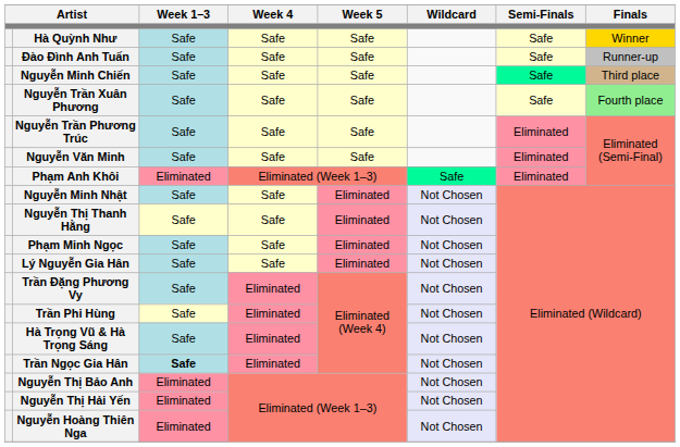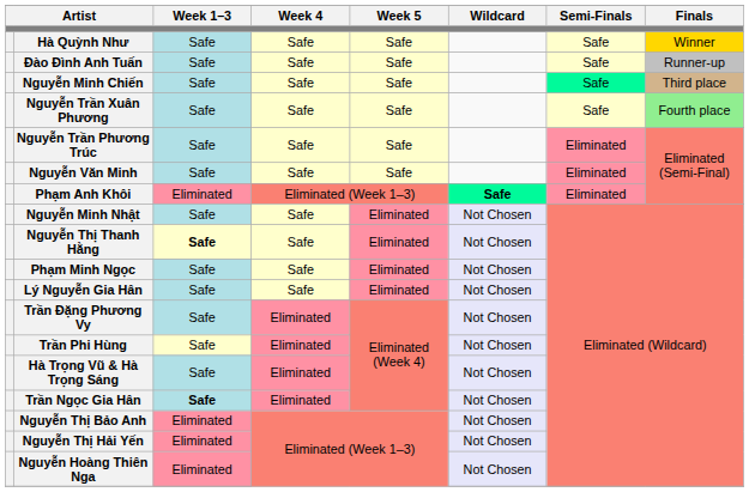 <table class="wikitable"  style="text-align:center; font-size:95%; width:auto;">
 <tr>
 </tr>
 <tr>
 <th style="width:18%;" colspan="2">Artist</th>
 <th style="width:12%;">Week 1–3</th>
 <th style="width:12%;">Week 4</th>
 <th style="width:12%;">Week 5</th>
 <th style="width:12%;">Wildcard</th>
 <th style="width:12%;">Semi-Finals</th>
 <th style="width:12%;">Finals</th>
 </tr>
 <tr>
 <th colspan="9" style="background:gray;"></th>
 </tr>
 <tr>
 <th style="width:1%;" style="background:#fffa73;"></th>
 <th style="width:14%;">Hà Quỳnh Như</th>
 <td style="background:#B0E0E6;">Safe</td>
 <td style="background:#FFFFCC;">Safe</td>
 <td style="background:#FFFFCC;">Safe</td>
 <td></td>
 <td style="background:#FFFFCC;">Safe</td>
 <td style="background:gold;">Winner</td>
 </tr>
 <tr>
 <th style="width:1%;" style="background:#FEE7D0;"></th>
 <th style="width:17%;">Đào Đình Anh Tuấn</th>
 <td style="background:#B0E0E6;">Safe</td>
 <td style="background:#FFFFCC;">Safe</td>
 <td style="background:#FFFFCC;">Safe</td>
 <td></td>
 <td style="background:#FFFFCC;">Safe</td>
 <td style="background:silver;">Runner-up</td>
 </tr>
 <tr>
 <th style="width:1%;" style="background:#ED872D;"></th>
 <th style="width:14%;">Nguyễn Minh Chiến</th>
 <td style="background:#B0E0E6;">Safe</td>
 <td style="background:#FFFFCC;">Safe</td>
 <td style="background:#FFFFCC;">Safe</td>
 <td></td>
 <td style="background:#00FA9A;">Safe</td>
 <td style="background:tan;">Third place</td>
 </tr>
 <tr>
 <th style="width:1%;" style="background:#FEE7D0;"></th>
 <th style="width:14%;">Nguyễn Trần Xuân Phương</th>
 <td style="background:#B0E0E6;">Safe</td>
 <td style="background:#FFFFCC;">Safe</td>
 <td style="background:#FFFFCC;">Safe</td>
 <td></td>
 <td style="background:#FFFFCC;">Safe</td>
 <td style="background:lightgreen;">Fourth place</td>
 </tr>
 <tr>
 <th style="width:1%;" style="background:#fffa73;"></th>
 <th style="width:14%;">Nguyễn Trần Phương Trúc</th>
 <td style="background:#B0E0E6;">Safe</td>
 <td style="background:#FFFFCC;">Safe</td>
 <td style="background:#FFFFCC;">Safe</td>
 <td></td>
 <td style="background:#FF91A4;">Eliminated</td>
 <td rowspan="3" style="background:salmon;">Eliminated (Semi-Final)</td>
 </tr>
 <tr>
 <th style="width:1%;" style="background:#ED872D;"></th>
 <th style="width:14%;">Nguyễn Văn Minh</th>
 <td style="background:#B0E0E6;">Safe</td>
 <td style="background:#FFFFCC;">Safe</td>
 <td style="background:#FFFFCC;">Safe</td>
 <td></td>
 <td style="background:#FF91A4;">Eliminated</td>
 </tr>
 <tr>
 <th style="width:1%;" style="background:#ED872D;"></th>
 <th style="width:14%;">Phạm Anh Khôi</th>
 <td style="background:#FF91A4;">Eliminated</td>
 <td style="background:salmon;" colspan="2">Eliminated (Week 1–3)</td>
-<td style="background:#00FA9A;">Safe</td>
+<td style="background:#00FA9A;"><strong>Safe</strong></td>
 <td style="background:#FF91A4;">Eliminated</td>
 </tr>
 <tr>
 <th style="width:1%;" style="background:#FEE7D0;"></th>
 <th style="width:14%;">Nguyễn Minh Nhật</th>
 <td style="background:#B0E0E6;">Safe</td>
 <td style="background:#FFFFCC;">Safe</td>
 <td style="background:#FF91A4;">Eliminated</td>
 <td bgcolor=#E6E6FA>Not Chosen</td>
 <td colspan="2" rowspan="11" style="background:salmon;">Eliminated (Wildcard)</td>
 </tr>
 <tr>
 <th style="width:1%;" style="background:#fffa73;"></th>
 <th style="width:14%;">Nguyễn Thị Thanh Hằng</th>
-<td style="background:#FFFFCC;">Safe</td>
+<td style="background:#FFFFCC;"><strong>Safe</strong></td>
 <td style="background:#FFFFCC;">Safe</td>
 <td style="background:#FF91A4;">Eliminated</td>
 <td bgcolor=#E6E6FA>Not Chosen</td>
 </tr>
 <tr>
 <th style="width:1%;" style="background:#ED872D;"></th>
 <th style="width:14%;">Phạm Minh Ngọc</th>
 <td style="background:#B0E0E6;">Safe</td>
 <td style="background:#FFFFCC;">Safe</td>
 <td style="background:#FF91A4;">Eliminated</td>
 <td bgcolor=#E6E6FA>Not Chosen</td>
 </tr>
 <tr>
 <th style="width:1%;" style="background:#fffa73;"></th>
 <th style="width:14%;">Lý Nguyễn Gia Hân</th>
 <td style="background:#B0E0E6;">Safe</td>
 <td style="background:#FFFFCC;">Safe</td>
 <td style="background:#FF91A4;">Eliminated</td>
 <td bgcolor=#E6E6FA>Not Chosen</td>
 </tr>
 <tr>
 <th style="width:1%;" style="background:#ED872D;"></th>
 <th style="width:14%;">Trần Đặng Phương Vy</th>
 <td style="background:#B0E0E6;">Safe</td>
 <td style="background:#FF91A4;">Eliminated</td>
 <td rowspan="4" style="background:salmon;">Eliminated (Week 4)</td>
 <td bgcolor=#E6E6FA>Not Chosen</td>
 </tr>
 <tr>
 <th style="width:1%;" style="background:#fffa73;"></th>
 <th style="width:14%;">Trần Phi Hùng</th>
 <td style="background:#FFFFCC;">Safe</td>
 <td style="background:#FF91A4;">Eliminated</td>
 <td bgcolor=#E6E6FA>Not Chosen</td>
 </tr>
 <tr>
 <th style="width:1%;" style="background:#fffa73;"></th>
 <th style="width:14%;">Hà Trọng Vũ & Hà Trọng Sáng</th>
 <td style="background:#B0E0E6;">Safe</td>
 <td style="background:#FF91A4;">Eliminated</td>
 <td bgcolor=#E6E6FA>Not Chosen</td>
 </tr>
 <tr>
 <th style="width:1%;" style="background:#FEE7D0;"></th>
 <th style="width:14%;">Trần Ngọc Gia Hân</th>
 <td style="background:#B0E0E6;"><strong>Safe</strong></td>
 <td style="background:#FF91A4;">Eliminated</td>
 <td bgcolor=#E6E6FA>Not Chosen</td>
 </tr>
 <tr>
 <th style="width:1%;" style="background:#ED872D;"></th>
 <th style="width:14%;">Nguyễn Thị Bảo Anh</th>
 <td style="background:#FF91A4;">Eliminated</td>
 <td rowspan="4" colspan="2" style="background:salmon;">Eliminated (Week 1–3)</td>
 <td bgcolor=#E6E6FA>Not Chosen</td>
 </tr>
 <tr>
 <th style="width:1%;" style="background:#FEE7D0;"></th>
 <th style="width:14%;">Nguyễn Thị Hải Yến</th>
 <td style="background:#FF91A4;">Eliminated</td>
 <td bgcolor=#E6E6FA>Not Chosen</td>
 </tr>
 <tr>
 <th style="width:1%;" style="background:#FEE7D0;"></th>
 <th style="width:14%;">Nguyễn Hoàng Thiên Nga</th>
 <td style="background:#FF91A4;">Eliminated</td>
 <td bgcolor=#E6E6FA>Not Chosen</td>
 </tr>
 <tr>
 </tr>
 </table>
